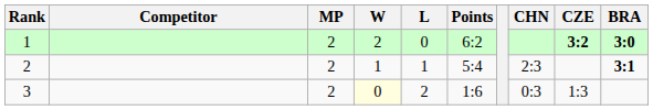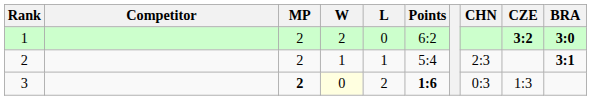 <table class="wikitable" style="text-align:center">
 <tr>
 <th>Rank</th>
 <th style="width:16em">Competitor</th>
 <th style="width:2.5em">MP</th>
 <th style="width:2.5em">W</th>
 <th style="width:2.5em">L</th>
 <th>Points</th>
 <th rowspan="4"> </th>
 <th style="width:2.5em">CHN</th>
 <th style="width:2.5em">CZE</th>
 <th style="width:2.5em">BRA</th>
 </tr>
 <tr style="background:#cfc;">
 <td>1</td>
 <td style="text-align:left"></td>
 <td>2</td>
 <td>2</td>
 <td>0</td>
 <td>6:2</td>
 <td></td>
 <td><strong>3:2</strong></td>
 <td><strong>3:0</strong></td>
 </tr>
 <tr>
 <td>2</td>
 <td style="text-align:left"></td>
 <td>2</td>
 <td>1</td>
 <td>1</td>
 <td>5:4</td>
 <td>2:3</td>
 <td></td>
 <td><strong>3:1</strong></td>
 </tr>
 <tr>
 <td>3</td>
 <td style="text-align:left"></td>
-<td>2</td>
+<td><strong>2</strong></td>
 <td style="background: lightyellow;">0</td>
 <td>2</td>
-<td>1:6</td>
+<td><strong>1:6</strong></td>
 <td>0:3</td>
 <td>1:3</td>
 <td></td>
 </tr>
 </table>
